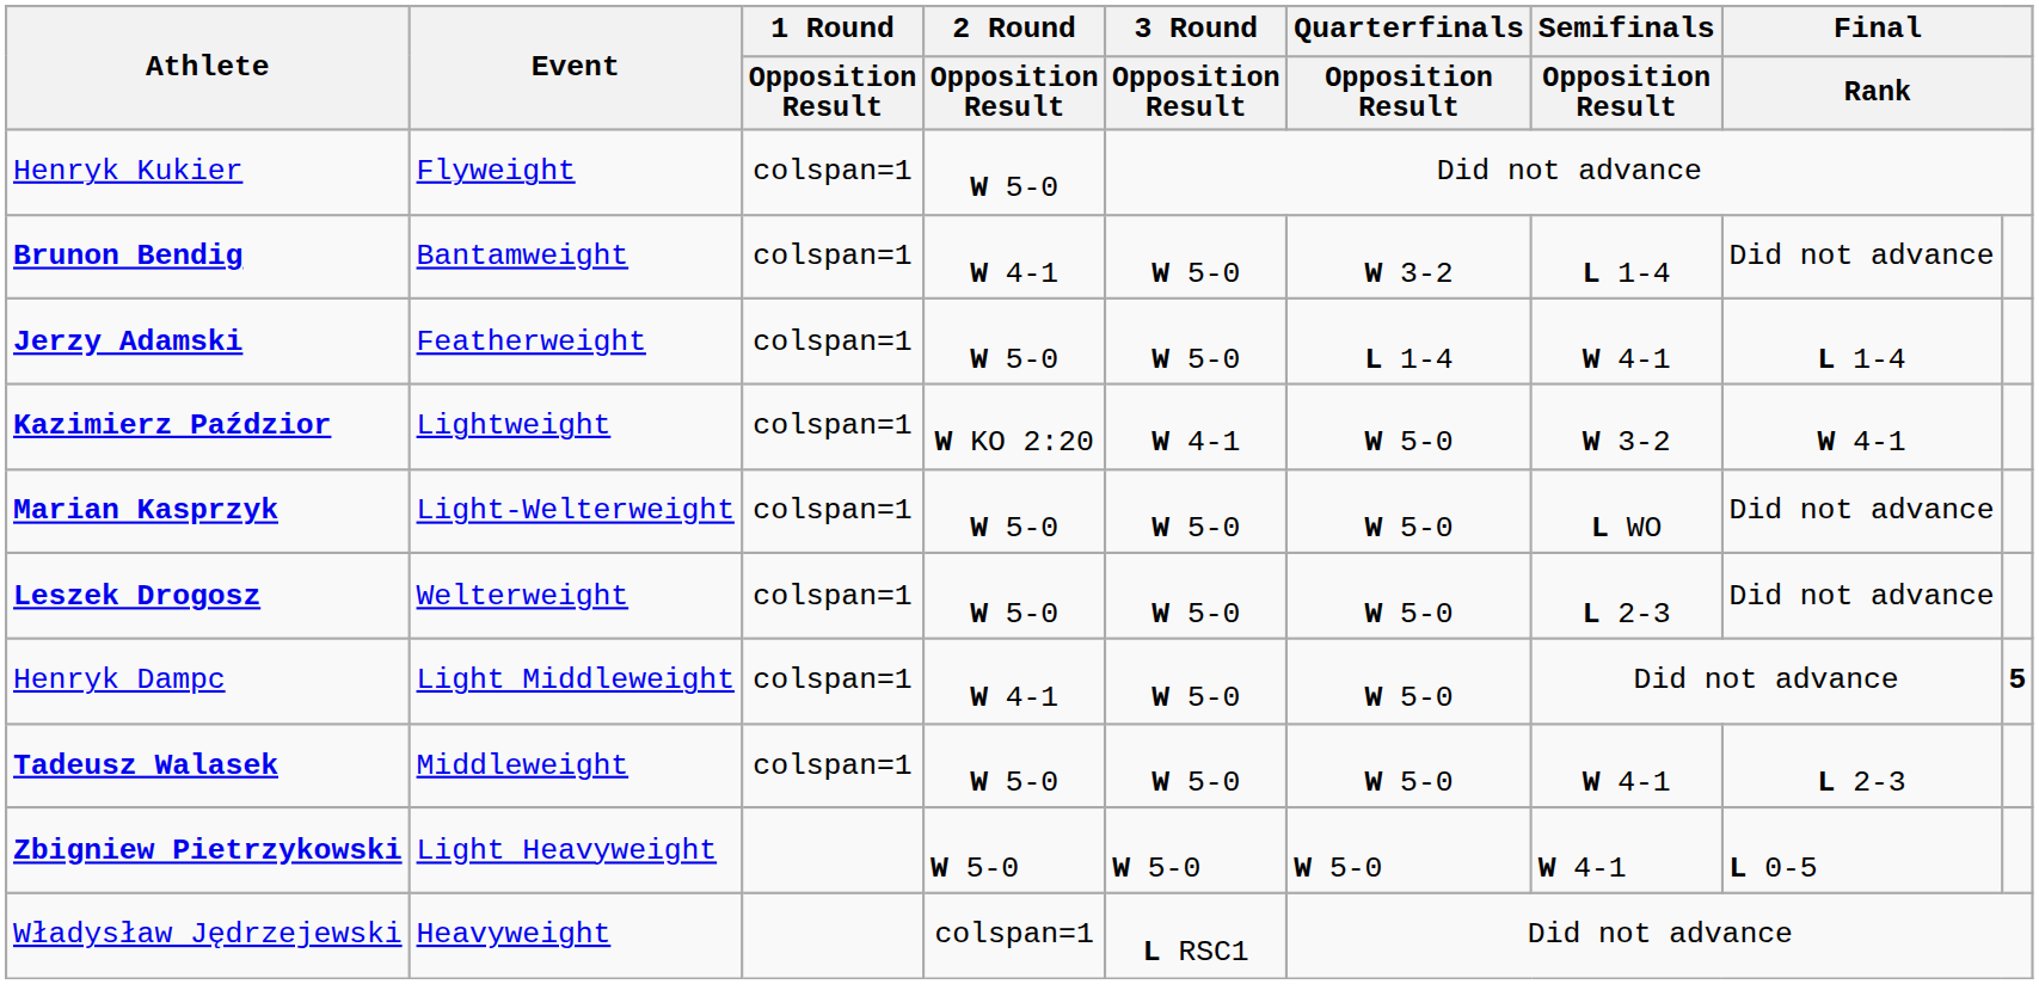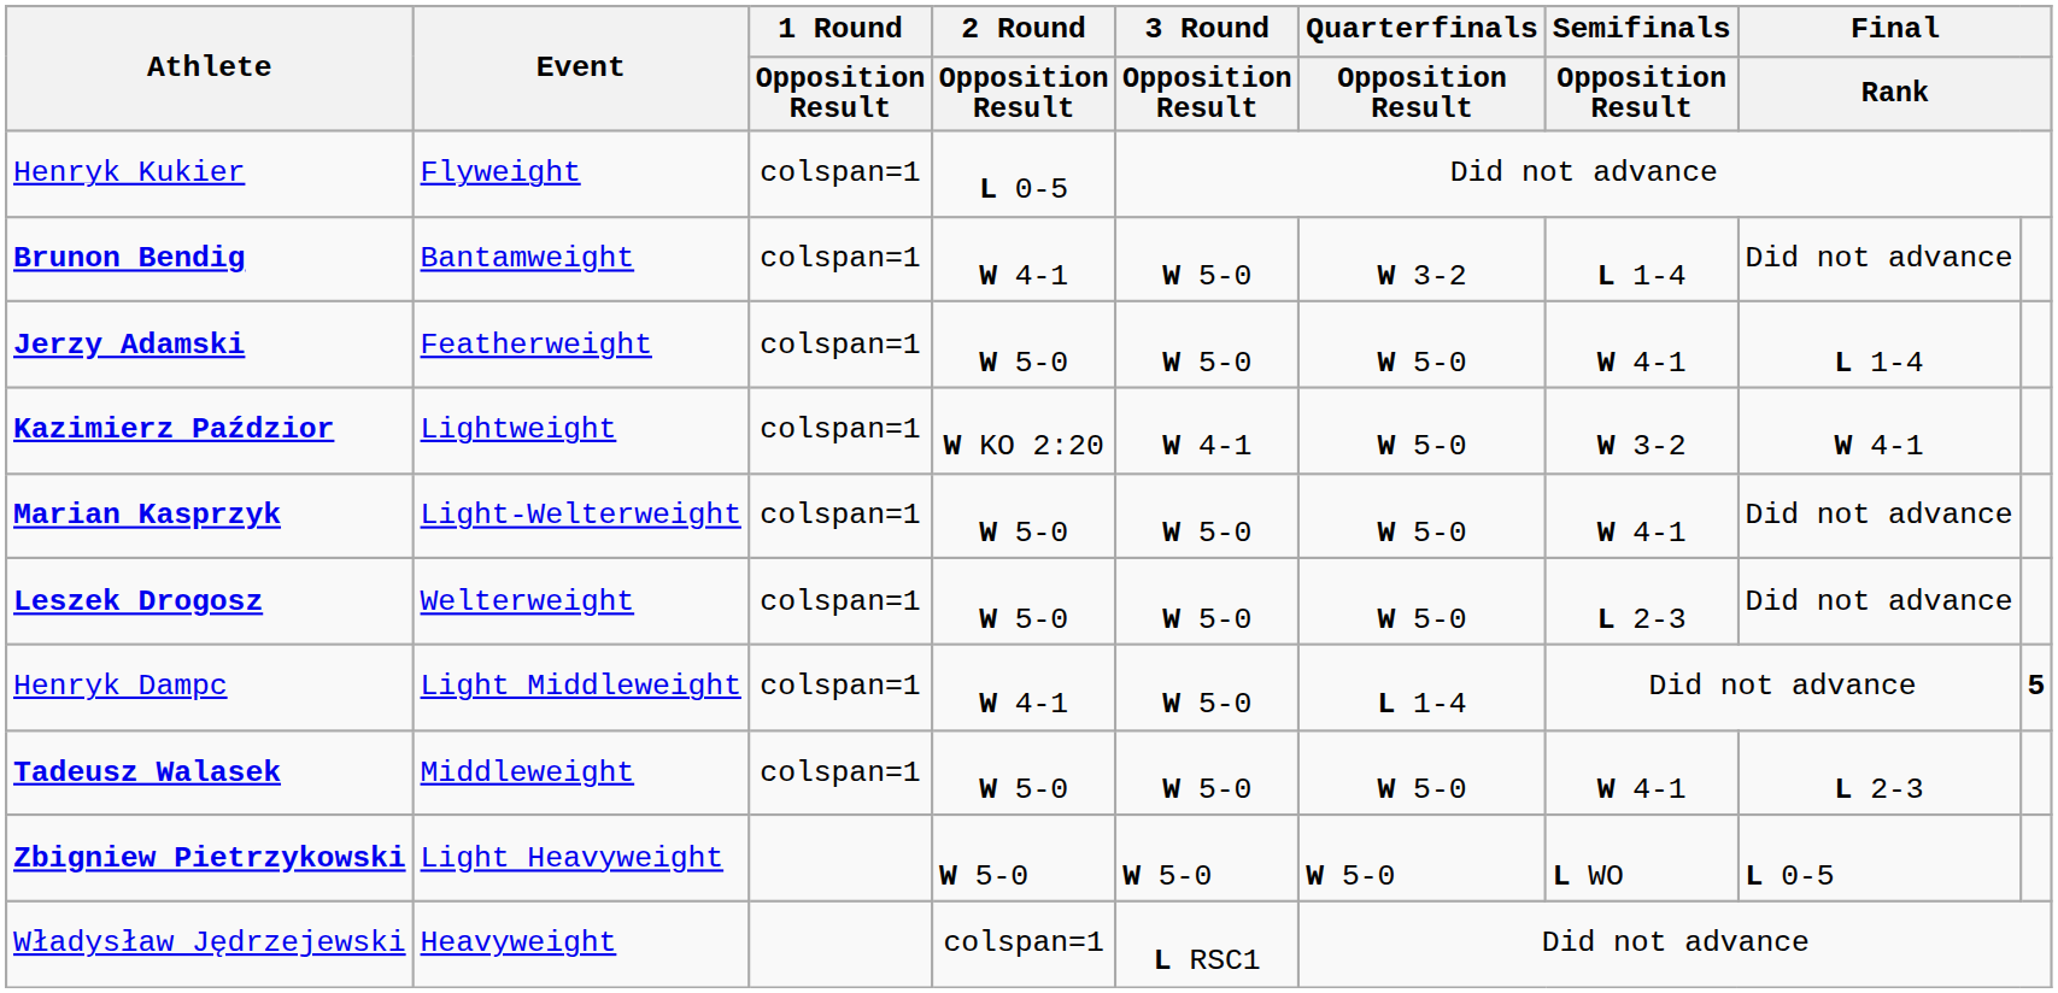 <table class="wikitable" style="font-size:90%">
 <tr>
 <th rowspan="2">Athlete</th>
 <th rowspan="2">Event</th>
 <th>1 Round</th>
 <th>2 Round</th>
 <th>3 Round</th>
 <th>Quarterfinals</th>
 <th>Semifinals</th>
 <th colspan=2>Final</th>
 </tr>
 <tr style="font-size:95%">
 <th>Opposition<br>Result</th>
 <th>Opposition<br>Result</th>
 <th>Opposition<br>Result</th>
 <th>Opposition<br>Result</th>
 <th>Opposition<br>Result</th>
 <th colspan=2>Rank</th>
 </tr>
 <tr align=center>
 <td align=left><a href='#'>Henryk Kukier</a></td>
 <td align=left><a href='#'>Flyweight</a></td>
 <td>colspan=1 </td>
-<td><br><strong>W</strong> 5-0</td>
+<td><br><strong>L</strong> 0-5</td>
 <td colspan=5>Did not advance</td>
 </tr>
 <tr align=center>
 <td align=left><strong><a href='#'>Brunon Bendig</a></strong></td>
 <td align=left><a href='#'>Bantamweight</a></td>
 <td>colspan=1 </td>
 <td><br><strong>W</strong> 4-1</td>
 <td><br><strong>W</strong> 5-0</td>
 <td><br><strong>W</strong> 3-2</td>
 <td><br><strong>L</strong> 1-4</td>
 <td colspan=1>Did not advance</td>
 <td></td>
 </tr>
 <tr align=center>
 <td align=left><strong><a href='#'>Jerzy Adamski</a></strong></td>
 <td align=left><a href='#'>Featherweight</a></td>
 <td>colspan=1 </td>
 <td><br><strong>W</strong> 5-0</td>
 <td><br><strong>W</strong> 5-0</td>
-<td><br><strong>L</strong> 1-4</td>
+<td><br><strong>W</strong> 5-0</td>
 <td><br><strong>W</strong> 4-1</td>
 <td><br><strong>L</strong> 1-4</td>
 <td></td>
 </tr>
 <tr align=center>
 <td align=left><strong><a href='#'>Kazimierz Paździor</a></strong></td>
 <td align=left><a href='#'>Lightweight</a></td>
 <td>colspan=1 </td>
 <td><br><strong>W</strong> KO 2:20</td>
 <td><br><strong>W</strong> 4-1</td>
 <td><br><strong>W</strong> 5-0</td>
 <td><br><strong>W</strong> 3-2</td>
 <td><br><strong>W</strong> 4-1</td>
 <td></td>
 </tr>
 <tr align=center>
 <td align=left><strong><a href='#'>Marian Kasprzyk</a></strong></td>
 <td align=left><a href='#'>Light-Welterweight</a></td>
 <td>colspan=1 </td>
 <td><br><strong>W</strong> 5-0</td>
 <td><br><strong>W</strong> 5-0</td>
 <td><br><strong>W</strong> 5-0</td>
-<td><br><strong>L</strong> WO</td>
+<td><br><strong>W</strong> 4-1</td>
 <td colspan=1>Did not advance</td>
 <td></td>
 </tr>
 <tr align=center>
 <td align=left><strong><a href='#'>Leszek Drogosz</a></strong></td>
 <td align=left><a href='#'>Welterweight</a></td>
 <td>colspan=1 </td>
 <td><br><strong>W</strong> 5-0</td>
 <td><br><strong>W</strong> 5-0</td>
 <td><br><strong>W</strong> 5-0</td>
 <td><br><strong>L</strong> 2-3</td>
 <td colspan=1>Did not advance</td>
 <td></td>
 </tr>
 <tr align=center>
 <td align=left><a href='#'>Henryk Dampc</a></td>
 <td align=left><a href='#'>Light Middleweight</a></td>
 <td>colspan=1 </td>
 <td><br><strong>W</strong> 4-1</td>
 <td><br><strong>W</strong> 5-0</td>
-<td><br><strong>W</strong> 5-0</td>
+<td><br><strong>L</strong> 1-4</td>
 <td colspan=2>Did not advance</td>
 <td><strong>5</strong></td>
 </tr>
 <tr align=center>
 <td align=left><strong><a href='#'>Tadeusz Walasek</a></strong></td>
 <td align=left><a href='#'>Middleweight</a></td>
 <td>colspan=1 </td>
 <td><br><strong>W</strong> 5-0</td>
 <td><br><strong>W</strong> 5-0</td>
 <td><br><strong>W</strong> 5-0</td>
 <td><br><strong>W</strong> 4-1</td>
 <td><br><strong>L</strong> 2-3</td>
 <td></td>
 </tr>
 <tr align=enter>
 <td align=left><strong><a href='#'>Zbigniew Pietrzykowski</a></strong></td>
 <td align=left><a href='#'>Light Heavyweight</a></td>
 <td></td>
 <td><br><strong>W</strong> 5-0</td>
 <td><br><strong>W</strong> 5-0</td>
 <td><br><strong>W</strong> 5-0</td>
-<td><br><strong>W</strong> 4-1</td>
+<td><br><strong>L</strong> WO</td>
 <td><br><strong>L</strong> 0-5</td>
 <td></td>
 </tr>
 <tr align=center>
 <td align=left><a href='#'>Władysław Jędrzejewski</a></td>
 <td align=left><a href='#'>Heavyweight</a></td>
 <td></td>
 <td>colspan=1 </td>
 <td><br><strong>L</strong> RSC1</td>
 <td colspan=4>Did not advance</td>
 </tr>
 </table>
